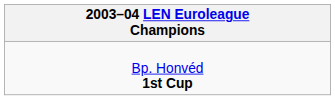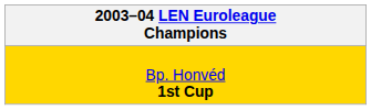 <table class="wikitable" style="margin: 0 auto; width: 30%;">
 <tr>
 <th>2003–04 <a href='#'>LEN Euroleague</a><br>Champions</th>
 </tr>
 <tr>
-<td align=center><br><a href='#'>Bp. Honvéd</a><br><strong>1st Cup</strong></td>
+<td align=center style="background: gold;"><br><a href='#'>Bp. Honvéd</a><br><strong>1st Cup</strong></td>
 </tr>
 </table>
